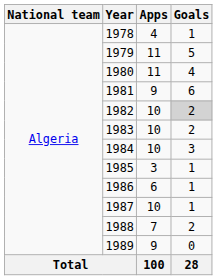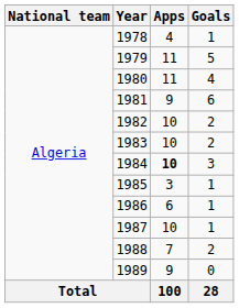 <table class="wikitable" style="text-align:center">
 <tr>
 <th>National team</th>
 <th>Year</th>
 <th>Apps</th>
 <th>Goals</th>
 </tr>
 <tr>
 <td rowspan="12"><a href='#'>Algeria</a></td>
 <td>1978</td>
 <td>4</td>
 <td>1</td>
 </tr>
 <tr>
 <td>1979</td>
 <td>11</td>
 <td>5</td>
 </tr>
 <tr>
 <td>1980</td>
 <td>11</td>
 <td>4</td>
 </tr>
 <tr>
 <td>1981</td>
 <td>9</td>
 <td>6</td>
 </tr>
 <tr>
 <td>1982</td>
 <td>10</td>
-<td style="background: lightgrey;">2</td>
+<td>2</td>
 </tr>
 <tr>
 <td>1983</td>
 <td>10</td>
 <td>2</td>
 </tr>
 <tr>
 <td>1984</td>
-<td>10</td>
+<td><strong>10</strong></td>
 <td>3</td>
 </tr>
 <tr>
 <td>1985</td>
 <td>3</td>
 <td>1</td>
 </tr>
 <tr>
 <td>1986</td>
 <td>6</td>
 <td>1</td>
 </tr>
 <tr>
 <td>1987</td>
 <td>10</td>
 <td>1</td>
 </tr>
 <tr>
 <td>1988</td>
 <td>7</td>
 <td>2</td>
 </tr>
 <tr>
 <td>1989</td>
 <td>9</td>
 <td>0</td>
 </tr>
 <tr>
 <th colspan="2">Total</th>
 <th>100</th>
 <th>28</th>
 </tr>
 </table>
